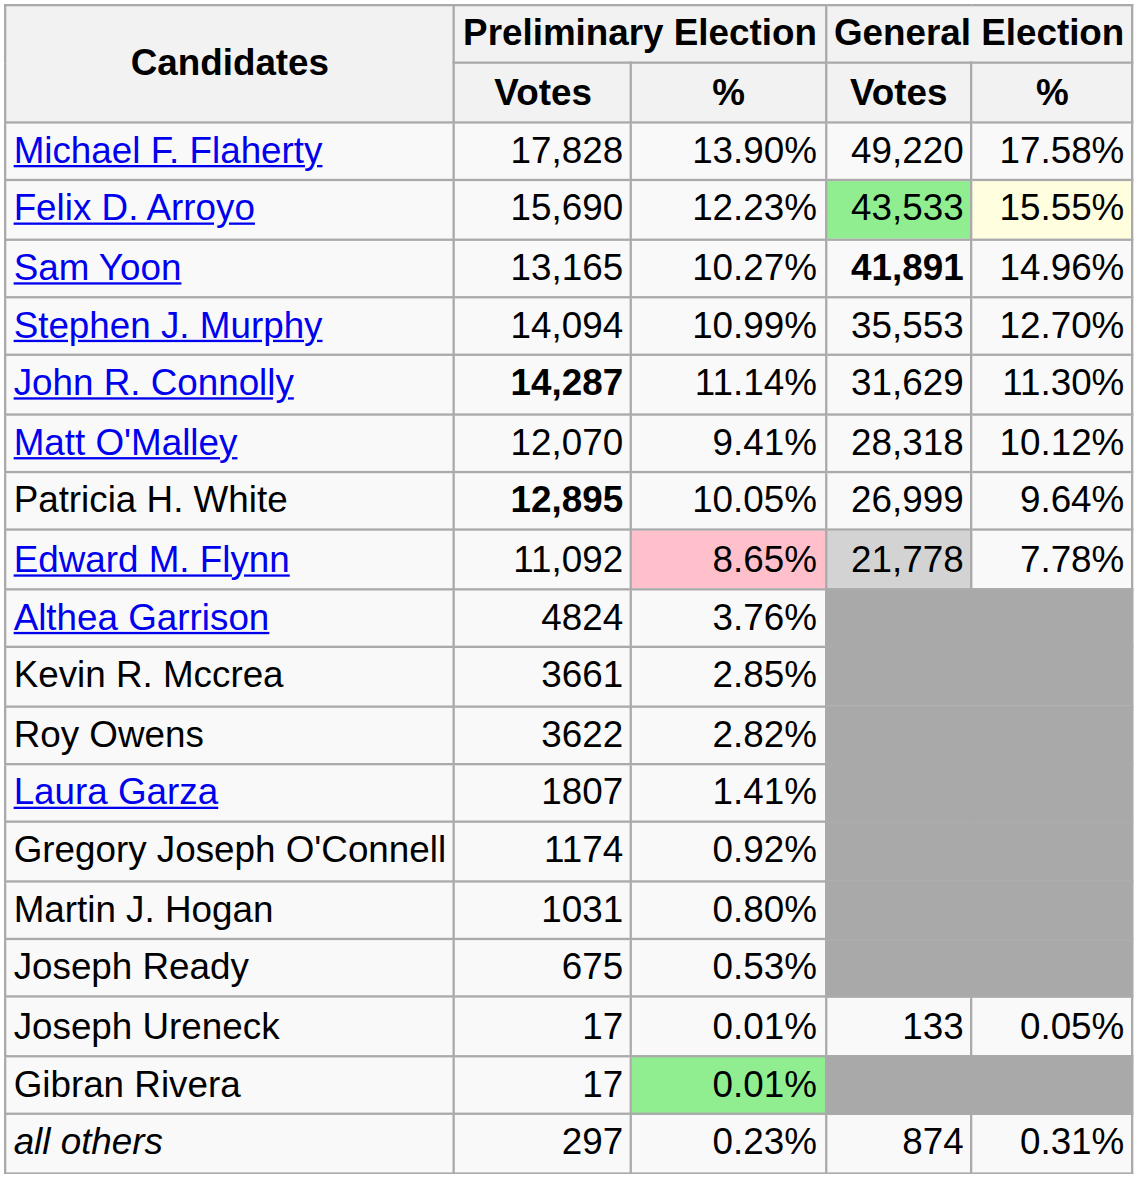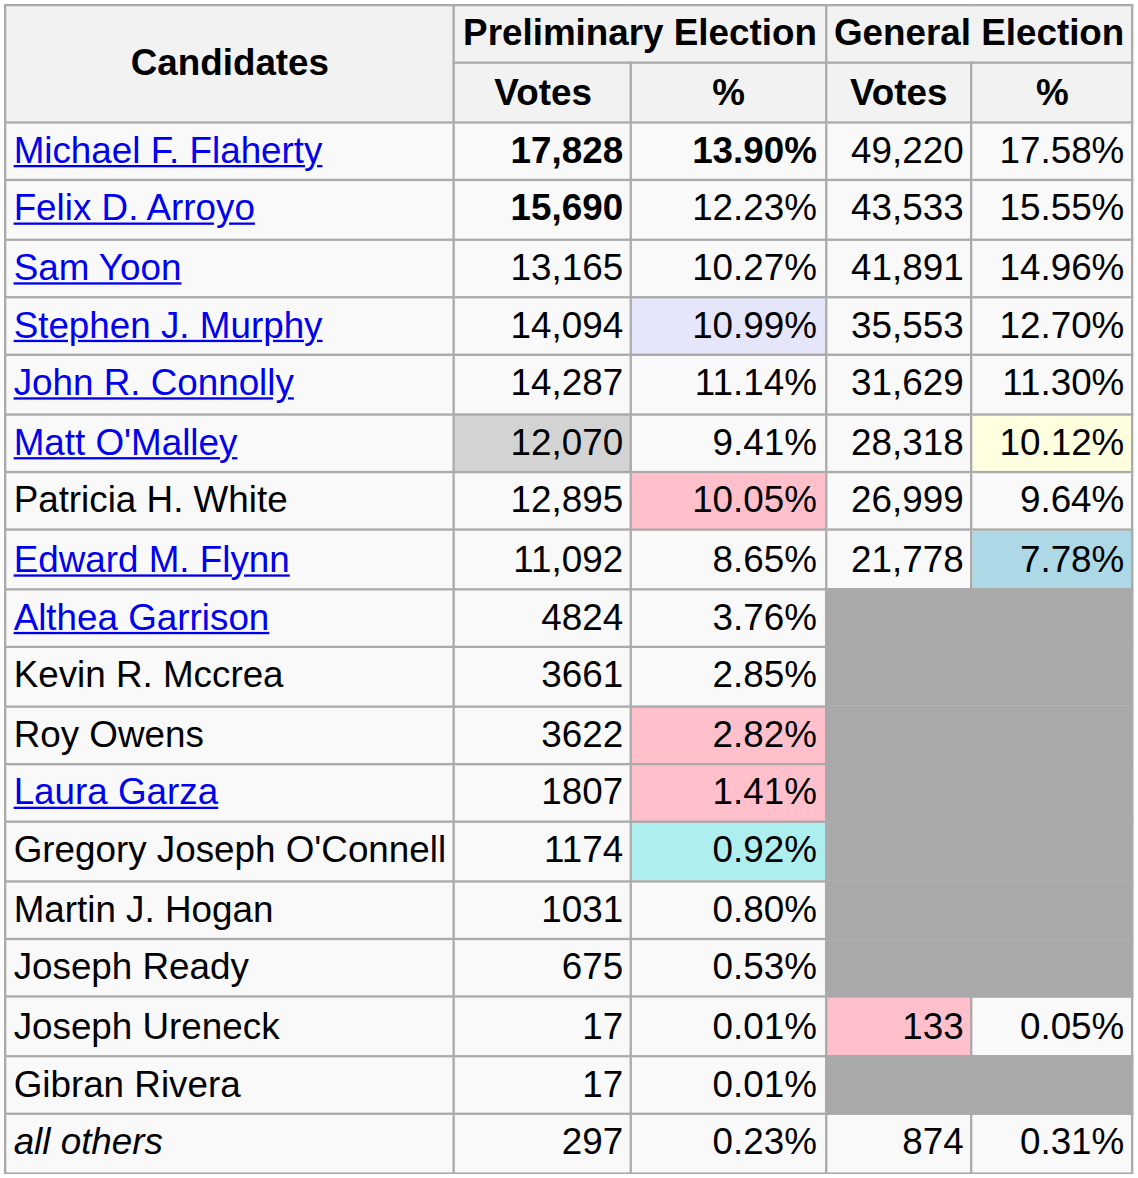 <table class=wikitable>
 <tr>
 <th colspan=1 rowspan=2><strong>Candidates</strong></th>
 <th colspan=2><strong>Preliminary Election</strong></th>
 <th colspan=2><strong>General Election</strong></th>
 </tr>
 <tr>
 <th>Votes</th>
 <th>%</th>
 <th>Votes</th>
 <th>%</th>
 </tr>
 <tr>
 <td><a href='#'>Michael F. Flaherty</a></td>
-<td align="right">17,828</td>
-<td align="right">13.90%</td>
+<td align="right"><strong>17,828</strong></td>
+<td align="right"><strong>13.90%</strong></td>
 <td align="right">49,220</td>
 <td align="right">17.58%</td>
 </tr>
 <tr>
 <td><a href='#'>Felix D. Arroyo</a></td>
-<td align="right">15,690</td>
+<td align="right"><strong>15,690</strong></td>
 <td align="right">12.23%</td>
-<td align="right" style="background: lightgreen;">43,533</td>
-<td align="right" style="background: lightyellow;">15.55%</td>
+<td align="right">43,533</td>
+<td align="right">15.55%</td>
 </tr>
 <tr>
 <td><a href='#'>Sam Yoon</a></td>
 <td align="right">13,165</td>
 <td align="right">10.27%</td>
-<td align="right"><strong>41,891</strong></td>
+<td align="right">41,891</td>
 <td align="right">14.96%</td>
 </tr>
 <tr>
 <td><a href='#'>Stephen J. Murphy</a></td>
 <td align="right">14,094</td>
-<td align="right">10.99%</td>
+<td align="right" style="background: lavender;">10.99%</td>
 <td align="right">35,553</td>
 <td align="right">12.70%</td>
 </tr>
 <tr>
 <td><a href='#'>John R. Connolly</a></td>
-<td align="right"><strong>14,287</strong></td>
+<td align="right">14,287</td>
 <td align="right">11.14%</td>
 <td align="right">31,629</td>
 <td align="right">11.30%</td>
 </tr>
 <tr>
 <td><a href='#'>Matt O'Malley</a></td>
-<td align="right">12,070</td>
+<td align="right" style="background: lightgrey;">12,070</td>
 <td align="right">9.41%</td>
 <td align="right">28,318</td>
-<td align="right">10.12%</td>
+<td align="right" style="background: lightyellow;">10.12%</td>
 </tr>
 <tr>
 <td>Patricia H. White</td>
-<td align="right"><strong>12,895</strong></td>
-<td align="right">10.05%</td>
+<td align="right">12,895</td>
+<td align="right" style="background: pink;">10.05%</td>
 <td align="right">26,999</td>
 <td align="right">9.64%</td>
 </tr>
 <tr>
 <td><a href='#'>Edward M. Flynn</a></td>
 <td align="right">11,092</td>
-<td align="right" style="background: pink;">8.65%</td>
-<td align="right" style="background: lightgrey;">21,778</td>
-<td align="right">7.78%</td>
+<td align="right">8.65%</td>
+<td align="right">21,778</td>
+<td align="right" style="background: lightblue;">7.78%</td>
 </tr>
 <tr>
 <td><a href='#'>Althea Garrison</a></td>
 <td align="right">4824</td>
 <td align="right">3.76%</td>
 <td colspan=2 bgcolor=darkgray> </td>
 </tr>
 <tr>
 <td>Kevin R. Mccrea</td>
 <td align="right">3661</td>
 <td align="right">2.85%</td>
 <td colspan=2 bgcolor=darkgray> </td>
 </tr>
 <tr>
 <td>Roy Owens</td>
 <td align="right">3622</td>
-<td align="right">2.82%</td>
+<td align="right" style="background: pink;">2.82%</td>
 <td colspan=2 bgcolor=darkgray> </td>
 </tr>
 <tr>
 <td><a href='#'>Laura Garza</a></td>
 <td align="right">1807</td>
-<td align="right">1.41%</td>
+<td align="right" style="background: pink;">1.41%</td>
 <td colspan=2 bgcolor=darkgray> </td>
 </tr>
 <tr>
 <td>Gregory Joseph O'Connell</td>
 <td align="right">1174</td>
-<td align="right">0.92%</td>
+<td align="right" style="background: paleturquoise;">0.92%</td>
 <td colspan=2 bgcolor=darkgray> </td>
 </tr>
 <tr>
 <td>Martin J. Hogan</td>
 <td align="right">1031</td>
 <td align="right">0.80%</td>
 <td colspan=2 bgcolor=darkgray> </td>
 </tr>
 <tr>
 <td>Joseph Ready</td>
 <td align="right">675</td>
 <td align="right">0.53%</td>
 <td colspan=2 bgcolor=darkgray> </td>
 </tr>
 <tr>
 <td>Joseph Ureneck</td>
 <td align="right">17</td>
 <td align="right">0.01%</td>
-<td align="right">133</td>
+<td align="right" style="background: pink;">133</td>
 <td align="right">0.05%</td>
 </tr>
 <tr>
 <td>Gibran Rivera</td>
 <td align="right">17</td>
-<td align="right" style="background: lightgreen;">0.01%</td>
+<td align="right">0.01%</td>
 <td colspan=2 bgcolor=darkgray> </td>
 </tr>
 <tr>
 <td><em>all others</em></td>
 <td align="right">297</td>
 <td align="right">0.23%</td>
 <td align="right">874</td>
 <td align="right">0.31%</td>
 </tr>
 </table>
